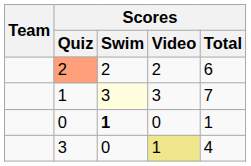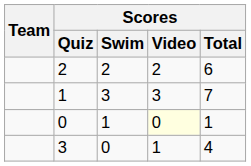 <table class=wikitable>
 <tr>
 <th rowspan=2>Team</th>
 <th colspan=4>Scores</th>
 </tr>
 <tr>
 <th>Quiz</th>
 <th>Swim</th>
 <th>Video</th>
 <th>Total</th>
 </tr>
 <tr>
 <td></td>
-<td style="background: lightsalmon;">2</td>
+<td>2</td>
 <td>2</td>
 <td>2</td>
 <td>6</td>
 </tr>
 <tr>
 <td></td>
 <td>1</td>
-<td style="background: lightyellow;">3</td>
+<td>3</td>
 <td>3</td>
 <td>7</td>
 </tr>
 <tr>
 <td></td>
 <td>0</td>
-<td><strong>1</strong></td>
-<td>0</td>
+<td>1</td>
+<td style="background: lightyellow;">0</td>
 <td>1</td>
 </tr>
 <tr>
 <td></td>
 <td>3</td>
 <td>0</td>
-<td style="background: khaki;">1</td>
+<td>1</td>
 <td>4</td>
 </tr>
 </table>
